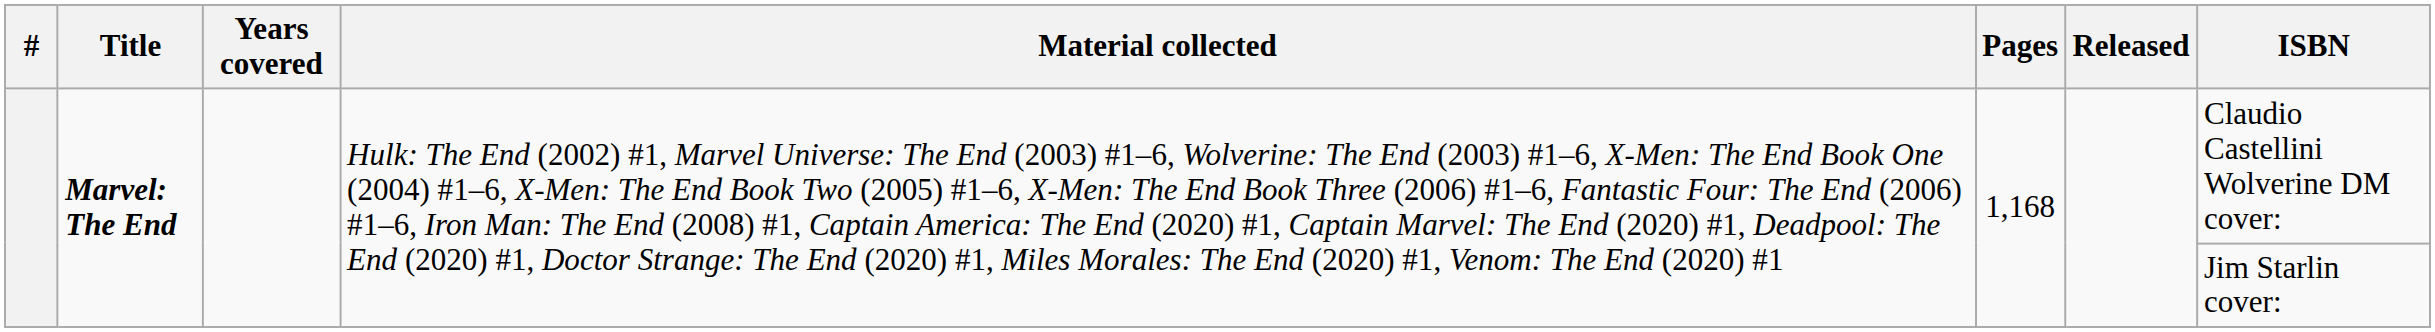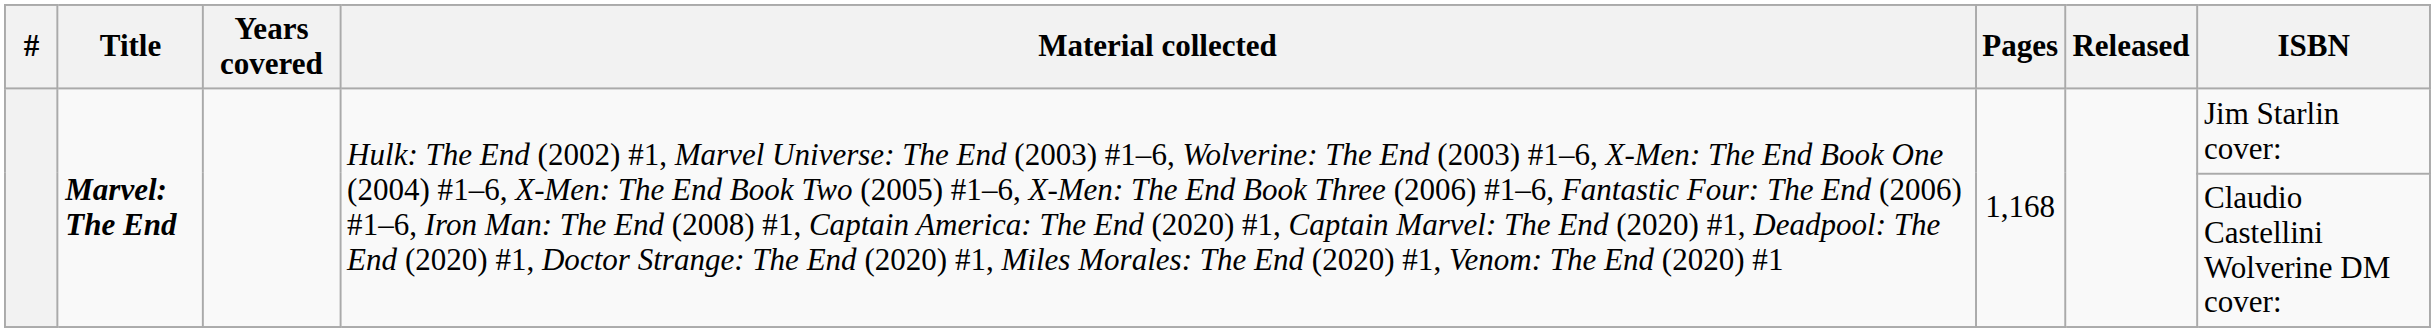 <table class="wikitable sortable" width=99%>
 <tr>
 <th class="unsortable" width=20px>#</th>
 <th>Title</th>
 <th>Years covered</th>
 <th class="unsortable">Material collected</th>
 <th>Pages</th>
 <th>Released</th>
 <th class="unsortable">ISBN</th>
 </tr>
 <tr>
 <th style="background-color: light grey;" rowspan=2></th>
 <td rowspan=2><strong><em>Marvel: The End</em></strong></td>
 <td rowspan=2></td>
 <td rowspan=2><em>Hulk: The End</em> (2002) #1, <em>Marvel Universe: The End</em> (2003) #1–6, <em>Wolverine: The End</em> (2003) #1–6, <em>X-Men: The End Book One</em> (2004) #1–6, <em>X-Men: The End Book Two</em> (2005) #1–6, <em>X-Men: The End Book Three</em> (2006) #1–6, <em>Fantastic Four: The End</em> (2006) #1–6, <em>Iron Man: The End</em> (2008) #1, <em>Captain America: The End</em> (2020) #1, <em>Captain Marvel: The End</em> (2020) #1, <em>Deadpool: The End</em> (2020) #1, <em>Doctor Strange: The End</em> (2020) #1, <em>Miles Morales: The End</em> (2020) #1, <em>Venom: The End</em> (2020) #1</td>
 <td style="text-align: center;" rowspan=2>1,168</td>
 <td rowspan=2></td>
+<td>Jim Starlin cover: </td>
+</tr>
+<tr>
 <td>Claudio Castellini Wolverine DM cover: </td>
 </tr>
-<tr>
-<td>Jim Starlin cover: </td>
-</tr>
 </table>
